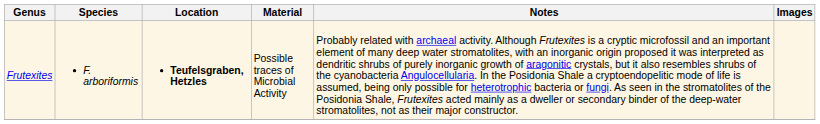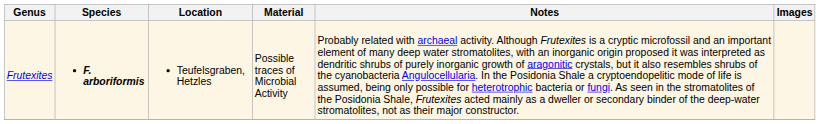 <table class = "wikitable">
 <tr>
 <th>Genus</th>
 <th>Species</th>
 <th>Location</th>
 <th>Material</th>
 <th>Notes</th>
 <th>Images</th>
 </tr>
 <tr>
 <td style="background:#FEF6E4;"><br><em><a href='#'>Frutexites</a></em></td>
-<td style="background:#FEF6E4;"><br><ul><li><em>F. arboriformis</em></li></ul></td>
-<td style="background:#FEF6E4;"><strong><br><ul><li>Teufelsgraben, Hetzles</li></ul></strong></td>
+<td style="background:#FEF6E4;"><strong><br><ul><li><em>F. arboriformis</em></li></ul></strong></td>
+<td style="background:#FEF6E4;"><br><ul><li>Teufelsgraben, Hetzles</li></ul></td>
 <td style="background:#FEF6E4;"><br>Possible traces of Microbial Activity</td>
 <td style="background:#FEF6E4;"><br>Probably related with <a href='#'>archaeal</a> activity. Although <em>Frutexites</em> is a cryptic microfossil and an important element of many deep water stromatolites, with an inorganic origin proposed it was interpreted as dendritic shrubs of purely inorganic growth of <a href='#'>aragonitic</a> crystals, but it also resembles shrubs of the cyanobacteria <a href='#'>Angulocellularia</a>. In the Posidonia Shale a cryptoendopelitic mode of life is assumed, being only possible for <a href='#'>heterotrophic</a> bacteria or <a href='#'>fungi</a>. As seen in the stromatolites of the Posidonia Shale, <em>Frutexites</em> acted mainly as a dweller or secondary binder of the deep-water stromatolites, not as their major constructor.</td>
 <td style="background:#FEF6E4;"></td>
 </tr>
 <tr>
 </tr>
 </table>
